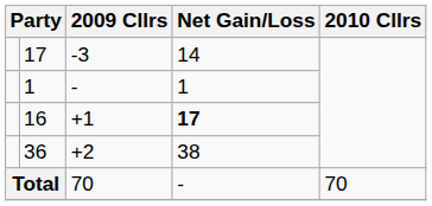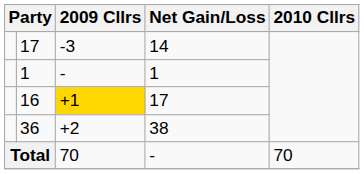 <table class="wikitable">
 <tr>
 <th colspan="2">Party</th>
 <th>2009 Cllrs</th>
 <th>Net Gain/Loss</th>
 <th>2010 Cllrs</th>
 </tr>
 <tr>
 <td></td>
 <td>17</td>
 <td>-3</td>
 <td>14</td>
 </tr>
 <tr>
 <td></td>
 <td>1</td>
 <td>-</td>
 <td>1</td>
 </tr>
 <tr>
 <td></td>
 <td>16</td>
-<td>+1</td>
-<td><strong>17</strong></td>
+<td style="background: gold;">+1</td>
+<td>17</td>
 </tr>
 <tr>
 <td></td>
 <td>36</td>
 <td>+2</td>
 <td>38</td>
 </tr>
 <tr>
 <th colspan="2">Total</th>
 <td>70</td>
 <td>-</td>
 <td>70</td>
 </tr>
 <tr>
 </tr>
 </table>
